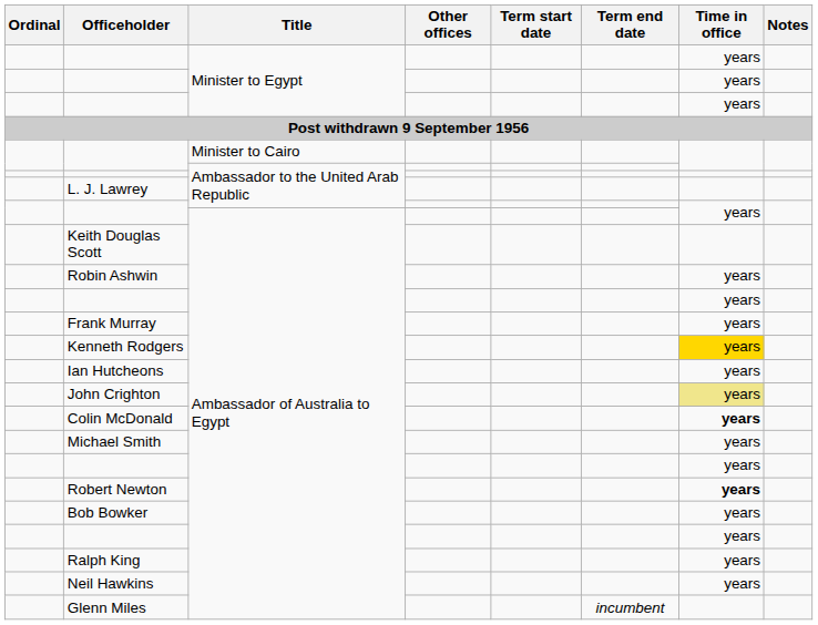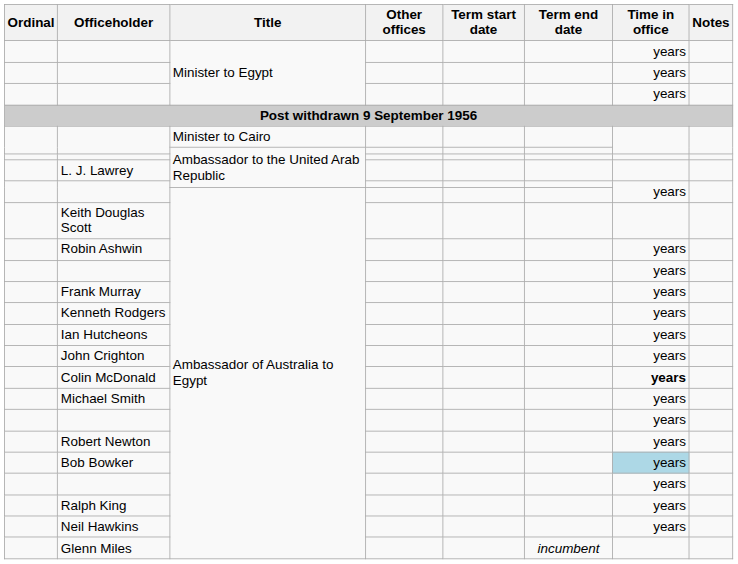 <table class='wikitable sortable'>
 <tr>
 <th>Ordinal</th>
 <th>Officeholder</th>
 <th>Title</th>
 <th>Other offices</th>
 <th>Term start date</th>
 <th>Term end date</th>
 <th>Time in office</th>
 <th>Notes</th>
 </tr>
 <tr>
 <td align=center></td>
 <td></td>
 <td rowspan=3>Minister to Egypt</td>
 <td></td>
 <td align=center></td>
 <td align=center></td>
 <td align=right> years</td>
 <td></td>
 </tr>
 <tr>
 <td align=center></td>
 <td></td>
 <td></td>
 <td align=center></td>
 <td align=center></td>
 <td align=right> years</td>
 <td></td>
 </tr>
 <tr>
 <td align=center></td>
 <td> </td>
 <td></td>
 <td align=center></td>
 <td align=center></td>
 <td align=right> years</td>
 <td></td>
 </tr>
 <tr>
 <th colspan=8 style="background: #cccccc;"><strong>Post withdrawn 9 September 1956</strong></th>
 </tr>
 <tr>
 <td rowspan=2 align=center></td>
 <td rowspan=2> </td>
 <td>Minister to Cairo</td>
 <td></td>
 <td align=center></td>
 <td align=center></td>
 <td rowspan=2 align=right></td>
 <td rowspan=2></td>
 </tr>
 <tr>
 <td rowspan=4>Ambassador to the United Arab Republic</td>
 <td></td>
 <td align=center></td>
 <td align=center></td>
 </tr>
 <tr>
 <td align=center></td>
 <td></td>
 <td></td>
 <td align=center></td>
 <td align=center></td>
 <td align=right><strong></strong></td>
 <td></td>
 </tr>
 <tr>
 <td align=center></td>
 <td>L. J. Lawrey</td>
 <td></td>
 <td align=center></td>
 <td align=center></td>
 <td align=right></td>
 <td></td>
 </tr>
 <tr>
 <td rowspan=2 align=center></td>
 <td rowspan=2></td>
 <td></td>
 <td align=center></td>
 <td align=center></td>
 <td rowspan=2 align=right> years</td>
 <td rowspan=2></td>
 </tr>
 <tr>
 <td rowspan=17>Ambassador of Australia to Egypt</td>
 <td></td>
 <td align=center></td>
 <td align=center></td>
 </tr>
 <tr>
 <td align=center></td>
 <td>Keith Douglas Scott</td>
 <td></td>
 <td align=center></td>
 <td align=center></td>
 <td align=right></td>
 <td></td>
 </tr>
 <tr>
 <td align=center></td>
 <td>Robin Ashwin</td>
 <td></td>
 <td align=center></td>
 <td align=center></td>
 <td align=right> years</td>
 <td></td>
 </tr>
 <tr>
 <td align=center></td>
 <td></td>
 <td></td>
 <td align=center></td>
 <td align=center></td>
 <td align=right> years</td>
 <td></td>
 </tr>
 <tr>
 <td align=center></td>
 <td>Frank Murray</td>
 <td></td>
 <td align=center></td>
 <td align=center></td>
 <td align=right> years</td>
 <td></td>
 </tr>
 <tr>
 <td align=center></td>
 <td>Kenneth Rodgers</td>
 <td></td>
 <td align=center></td>
 <td align=center></td>
-<td align=right style="background: gold;"> years</td>
+<td align=right> years</td>
 <td></td>
 </tr>
 <tr>
 <td align=center></td>
 <td>Ian Hutcheons</td>
 <td></td>
 <td align=center></td>
 <td align=center></td>
 <td align=right> years</td>
 <td></td>
 </tr>
 <tr>
 <td align=center></td>
 <td>John Crighton</td>
 <td></td>
 <td align=center></td>
 <td align=center></td>
-<td align=right style="background: khaki;"> years</td>
+<td align=right> years</td>
 <td></td>
 </tr>
 <tr>
 <td align=center></td>
 <td>Colin McDonald</td>
 <td></td>
 <td align=center></td>
 <td align=center></td>
 <td align=right><strong> years</strong></td>
 <td></td>
 </tr>
 <tr>
 <td align=center></td>
 <td>Michael Smith</td>
 <td></td>
 <td align=center></td>
 <td align=center></td>
 <td align=right> years</td>
 <td></td>
 </tr>
 <tr>
 <td align=center></td>
 <td> </td>
 <td></td>
 <td align=center></td>
 <td align=center></td>
 <td align=right> years</td>
 <td></td>
 </tr>
 <tr>
 <td align=center></td>
 <td>Robert Newton</td>
 <td></td>
 <td align=center></td>
 <td align=center></td>
-<td align=right><strong> years</strong></td>
+<td align=right> years</td>
 <td></td>
 </tr>
 <tr>
 <td align=center></td>
 <td>Bob Bowker</td>
 <td></td>
 <td align=center></td>
 <td align=center></td>
-<td align=right> years</td>
+<td align=right style="background: lightblue;"> years</td>
 <td></td>
 </tr>
 <tr>
 <td align=center></td>
 <td></td>
 <td></td>
 <td align=center></td>
 <td align=center></td>
 <td align=right> years</td>
 <td></td>
 </tr>
 <tr>
 <td align=center></td>
 <td>Ralph King</td>
 <td></td>
 <td align=center></td>
 <td align=center></td>
 <td align=right> years</td>
 <td></td>
 </tr>
 <tr>
 <td align=center></td>
 <td>Neil Hawkins</td>
 <td></td>
 <td align=center></td>
 <td align=center></td>
 <td align=right> years</td>
 <td></td>
 </tr>
 <tr>
 <td align=center></td>
 <td>Glenn Miles</td>
 <td></td>
 <td align=center></td>
 <td align=center><em>incumbent</em></td>
 <td align=right></td>
 <td></td>
 </tr>
 </table>
